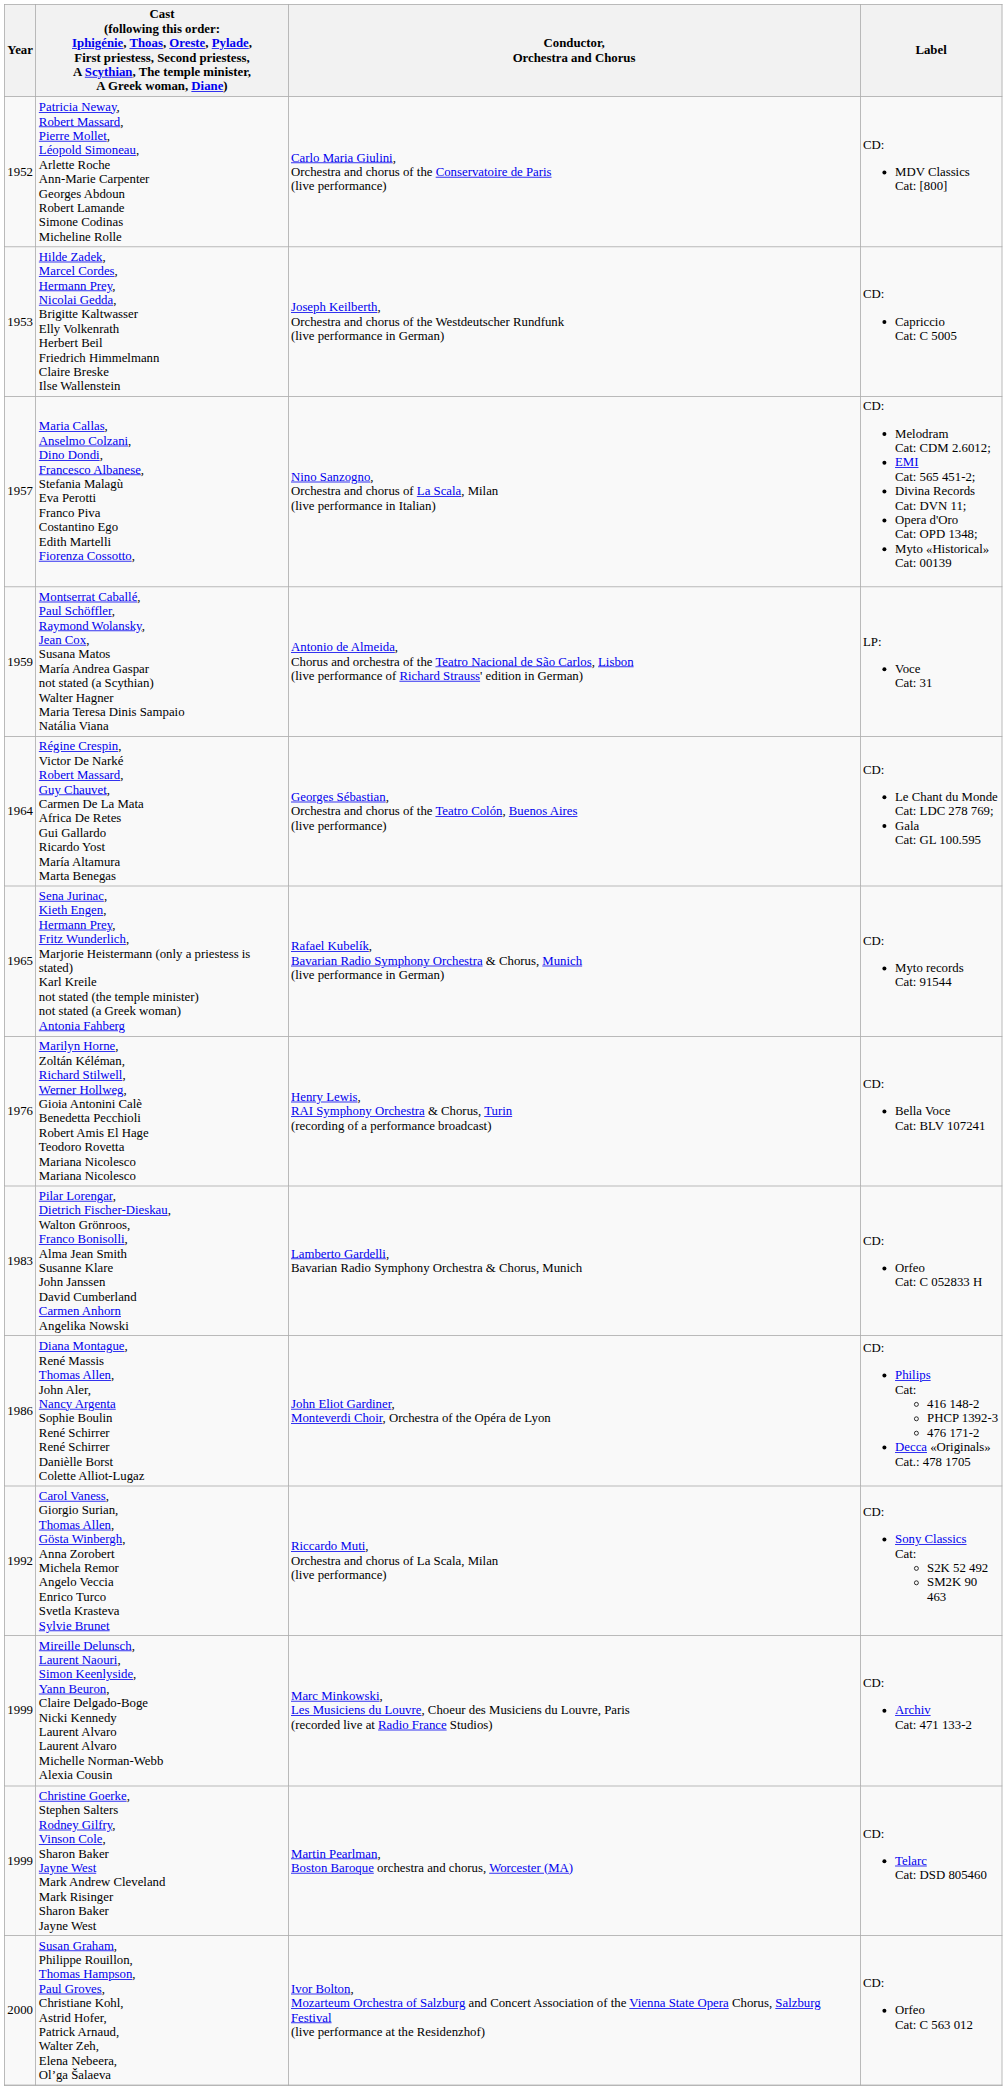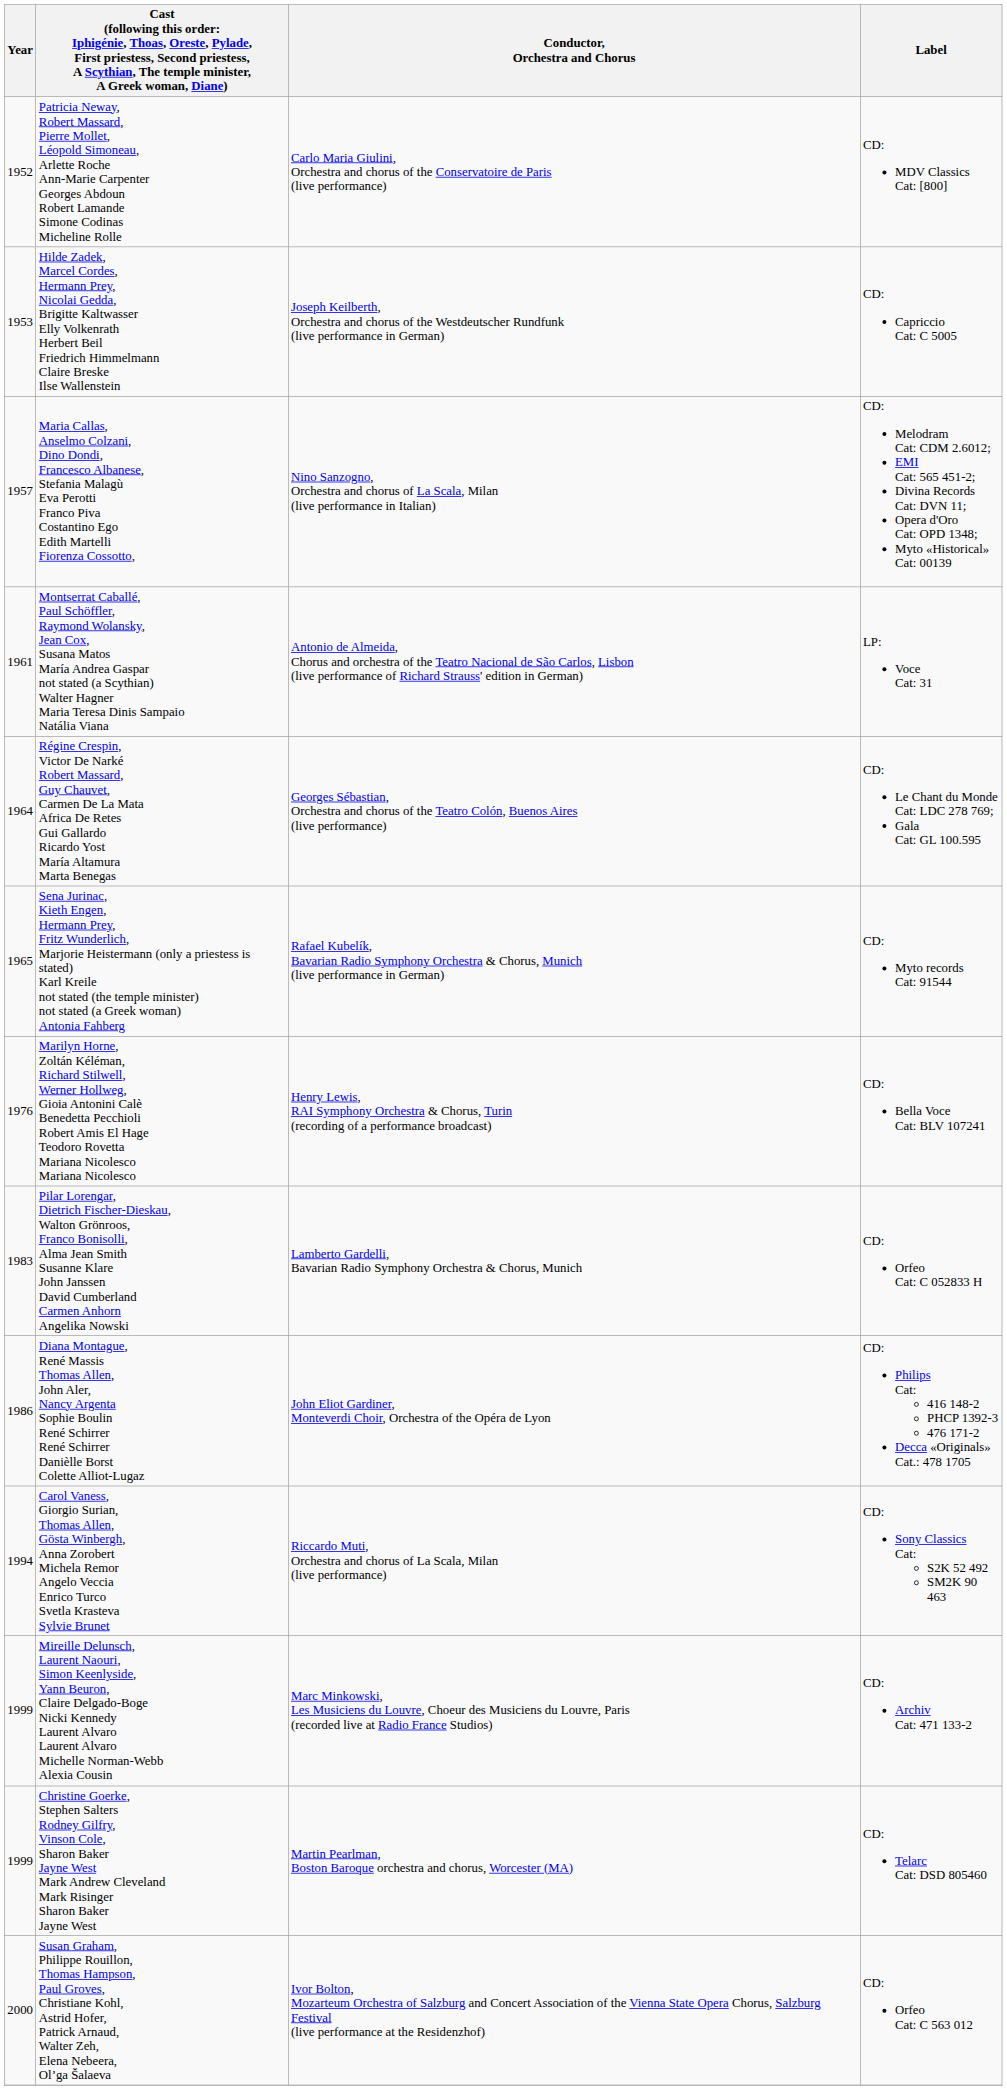 <table class="wikitable">
 <tr>
 <th>Year</th>
 <th>Cast<br>(following this order:<br><a href='#'>Iphigénie</a>, <a href='#'>Thoas</a>, <a href='#'>Oreste</a>, <a href='#'>Pylade</a>,<br>First priestess, Second priestess,<br>A <a href='#'>Scythian</a>, The temple minister,<br>A Greek woman, <a href='#'>Diane</a>)</th>
 <th>Conductor,<br>Orchestra and Chorus</th>
 <th>Label</th>
 </tr>
 <tr>
 <td>1952</td>
 <td><a href='#'>Patricia Neway</a>,<br><a href='#'>Robert Massard</a>,<br><a href='#'>Pierre Mollet</a>,<br><a href='#'>Léopold Simoneau</a>,<br>Arlette Roche<br>Ann-Marie Carpenter<br>Georges Abdoun<br>Robert Lamande<br>Simone Codinas<br>Micheline Rolle<br></td>
 <td><a href='#'>Carlo Maria Giulini</a>, <br>Orchestra and chorus of the <a href='#'>Conservatoire de Paris</a><br>(live performance)</td>
 <td>CD:<br><ul><li>MDV Classics<br>Cat: [800]</li></ul></td>
 </tr>
 <tr>
 <td>1953</td>
 <td><a href='#'>Hilde Zadek</a>,<br><a href='#'>Marcel Cordes</a>,<br><a href='#'>Hermann Prey</a>,<br><a href='#'>Nicolai Gedda</a>,<br>Brigitte Kaltwasser<br>Elly Volkenrath<br>Herbert Beil<br>Friedrich Himmelmann<br>Claire Breske<br>Ilse Wallenstein<br></td>
 <td><a href='#'>Joseph Keilberth</a>,<br>Orchestra and chorus of the Westdeutscher Rundfunk <br>(live performance in German)</td>
 <td>CD:<br><ul><li>Capriccio <br>Cat: C 5005</li></ul></td>
 </tr>
 <tr>
 <td>1957</td>
 <td><a href='#'>Maria Callas</a>,<br><a href='#'>Anselmo Colzani</a>,<br><a href='#'>Dino Dondi</a>,<br><a href='#'>Francesco Albanese</a>,<br>Stefania Malagù<br>Eva Perotti<br>Franco Piva<br>Costantino Ego<br>Edith Martelli<br><a href='#'>Fiorenza Cossotto</a>,<br></td>
 <td><a href='#'>Nino Sanzogno</a>,<br>Orchestra and chorus of <a href='#'>La Scala</a>, Milan <br>(live performance in Italian)</td>
 <td>CD:<br><ul><li>Melodram<br>Cat: CDM 2.6012;</li><li><a href='#'>EMI</a> <br>Cat: 565 451-2;</li><li>Divina Records <br>Cat: DVN 11;</li><li>Opera d'Oro<br>Cat: OPD 1348;</li><li>Myto «Historical»<br>Cat: 00139</li></ul></td>
 </tr>
 <tr>
-<td>1959</td>
+<td>1961</td>
 <td><a href='#'>Montserrat Caballé</a>,<br><a href='#'>Paul Schöffler</a>,<br><a href='#'>Raymond Wolansky</a>,<br><a href='#'>Jean Cox</a>,<br>Susana Matos<br>María Andrea Gaspar<br>not stated (a Scythian)<br>Walter Hagner<br>Maria Teresa Dinis Sampaio<br>Natália Viana</td>
 <td><a href='#'>Antonio de Almeida</a>,<br>Chorus and orchestra of the <a href='#'>Teatro Nacional de São Carlos</a>, <a href='#'>Lisbon</a> <br>(live performance of <a href='#'>Richard Strauss</a>' edition in German)</td>
 <td><br>LP:<ul><li>Voce<br>Cat: 31</li></ul></td>
 </tr>
 <tr>
 <td>1964</td>
 <td><a href='#'>Régine Crespin</a>,<br>Victor De Narké<br><a href='#'>Robert Massard</a>, <br><a href='#'>Guy Chauvet</a>,<br>Carmen De La Mata<br>Africa De Retes<br>Gui Gallardo<br>Ricardo Yost<br>María Altamura<br>Marta Benegas</td>
 <td><a href='#'>Georges Sébastian</a>,<br>Orchestra and chorus of the <a href='#'>Teatro Colón</a>, <a href='#'>Buenos Aires</a><br>(live performance)</td>
 <td>CD:<br><ul><li>Le Chant du Monde <br>Cat: LDC 278 769;</li><li>Gala<br>Cat:  GL 100.595</li></ul></td>
 </tr>
 <tr>
 <td>1965</td>
 <td><a href='#'>Sena Jurinac</a>,<br><a href='#'>Kieth Engen</a>,<br><a href='#'>Hermann Prey</a>,<br><a href='#'>Fritz Wunderlich</a>,<br>Marjorie Heistermann (only a priestess is stated)<br>Karl Kreile<br>not stated (the temple minister)<br>not stated (a Greek woman)<br><a href='#'>Antonia Fahberg</a></td>
 <td><a href='#'>Rafael Kubelík</a>,<br><a href='#'>Bavarian Radio Symphony Orchestra</a> & Chorus, <a href='#'>Munich</a> <br>(live performance in German)</td>
 <td><br>CD:<ul><li>Myto records<br>Cat: 91544</li></ul></td>
 </tr>
 <tr>
 <td>1976</td>
 <td><a href='#'>Marilyn Horne</a>,<br>Zoltán Kéléman,<br><a href='#'>Richard Stilwell</a>,<br><a href='#'>Werner Hollweg</a>,<br>Gioia Antonini Calè<br>Benedetta Pecchioli<br>Robert Amis El Hage<br>Teodoro Rovetta<br>Mariana Nicolesco<br>Mariana Nicolesco<br></td>
 <td><a href='#'>Henry Lewis</a>, <br><a href='#'>RAI Symphony Orchestra</a> & Chorus, <a href='#'>Turin</a><br>(recording of a performance broadcast)</td>
 <td>CD:<br><ul><li>Bella Voce<br>Cat: BLV 107241</li></ul></td>
 </tr>
 <tr>
 <td>1983</td>
 <td><a href='#'>Pilar Lorengar</a>,<br><a href='#'>Dietrich Fischer-Dieskau</a>,<br>Walton Grönroos,<br><a href='#'>Franco Bonisolli</a>,<br>Alma Jean Smith<br>Susanne Klare<br>John Janssen<br>David Cumberland<br><a href='#'>Carmen Anhorn</a><br>Angelika Nowski</td>
 <td><a href='#'>Lamberto Gardelli</a>,<br>Bavarian Radio Symphony Orchestra & Chorus, Munich <br></td>
 <td><br>CD:<ul><li>Orfeo<br>Cat: C 052833 H</li></ul></td>
 </tr>
 <tr>
 <td>1986</td>
 <td><a href='#'>Diana Montague</a>,<br>René Massis<br><a href='#'>Thomas Allen</a>,<br>John Aler,<br><a href='#'>Nancy Argenta</a><br>Sophie Boulin<br>René Schirrer<br>René Schirrer<br>Danièlle Borst<br>Colette Alliot-Lugaz</td>
 <td><a href='#'>John Eliot Gardiner</a>,<br><a href='#'>Monteverdi Choir</a>, Orchestra of the Opéra de Lyon</td>
 <td>CD:<br><ul><li><a href='#'>Philips</a> <br>Cat:<ul><li>416 148-2</li><li>PHCP 1392-3</li><li>476 171-2</li></ul></li><li><a href='#'>Decca</a> «Originals»<br>Cat.: 478 1705</li></ul></td>
 </tr>
 <tr>
-<td>1992</td>
+<td>1994</td>
 <td><a href='#'>Carol Vaness</a>,<br>Giorgio Surian,<br><a href='#'>Thomas Allen</a>,<br><a href='#'>Gösta Winbergh</a>,<br> Anna Zorobert<br>Michela Remor<br>Angelo Veccia<br>Enrico Turco<br>Svetla Krasteva<br><a href='#'>Sylvie Brunet</a></td>
 <td><a href='#'>Riccardo Muti</a>,<br>Orchestra and chorus of La Scala, Milan <br>(live performance)</td>
 <td>CD:<br><ul><li><a href='#'>Sony Classics</a><br>Cat:<ul><li>S2K 52 492</li><li>SM2K 90 463</li></ul></li></ul></td>
 </tr>
 <tr>
 <td>1999</td>
 <td><a href='#'>Mireille Delunsch</a>,<br><a href='#'>Laurent Naouri</a>,<br><a href='#'>Simon Keenlyside</a>,<br><a href='#'>Yann Beuron</a>,<br>Claire Delgado-Boge<br>Nicki Kennedy<br>Laurent Alvaro<br>Laurent Alvaro<br>Michelle Norman-Webb<br>Alexia Cousin</td>
 <td><a href='#'>Marc Minkowski</a>,<br><a href='#'>Les Musiciens du Louvre</a>, Choeur des Musiciens du Louvre, Paris<br> (recorded live at <a href='#'>Radio France</a> Studios)</td>
 <td>CD:<br><ul><li><a href='#'>Archiv</a><br>Cat: 471 133-2</li></ul></td>
 </tr>
 <tr>
 <td>1999</td>
 <td><a href='#'>Christine Goerke</a>,<br>Stephen Salters<br><a href='#'>Rodney Gilfry</a>, <br><a href='#'>Vinson Cole</a>,<br>Sharon Baker<br><a href='#'>Jayne West</a><br> Mark Andrew Cleveland<br>Mark Risinger<br>Sharon Baker<br>Jayne West</td>
 <td><a href='#'>Martin Pearlman</a>,<br><a href='#'>Boston Baroque</a> orchestra and chorus, <a href='#'>Worcester (MA)</a></td>
 <td>CD:<br><ul><li><a href='#'>Telarc</a> <br>Cat: DSD 805460</li></ul></td>
 </tr>
 <tr>
 <td>2000</td>
 <td><a href='#'>Susan Graham</a>,<br>Philippe Rouillon,<br><a href='#'>Thomas Hampson</a>,<br><a href='#'>Paul Groves</a>,<br>Christiane Kohl,<br>Astrid Hofer,<br>Patrick Arnaud,<br>Walter Zeh,<br>Elena Nebeera,<br>Ol’ga Šalaeva</td>
 <td><a href='#'>Ivor Bolton</a>,<br><a href='#'>Mozarteum Orchestra of Salzburg</a> and Concert Association of the <a href='#'>Vienna State Opera</a> Chorus, <a href='#'>Salzburg Festival</a> <br>(live performance at the Residenzhof)</td>
 <td>CD:<br><ul><li>Orfeo<br>Cat: C 563 012</li></ul></td>
 </tr>
 <tr>
 </tr>
 </table>
